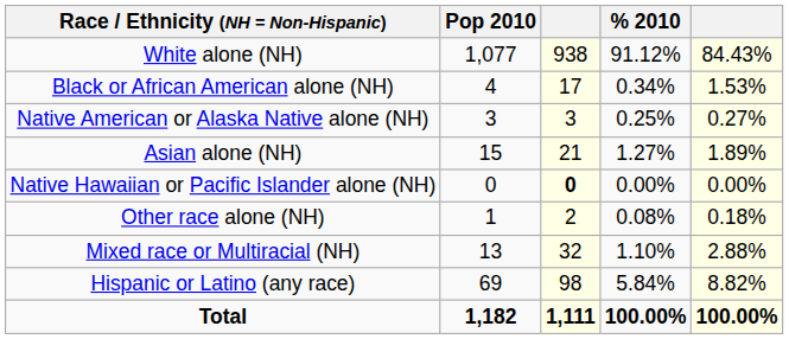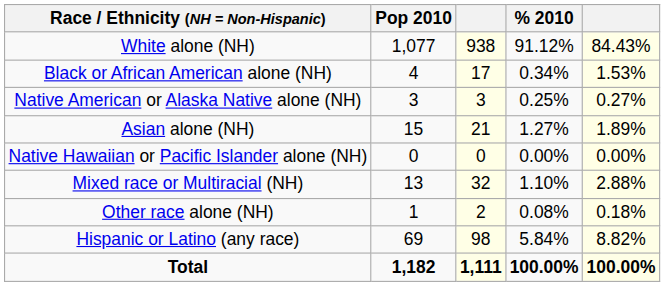 <table class="wikitable" style="text-align:center;">
 <tr>
 <th>Race / Ethnicity <small>(<em>NH = Non-Hispanic</em>)</small></th>
 <th>Pop 2010</th>
 <th></th>
 <th>% 2010</th>
 <th></th>
 </tr>
 <tr>
 <td><a href='#'>White</a> alone (NH)</td>
 <td>1,077</td>
 <td style='background: #ffffe6;'>938</td>
 <td>91.12%</td>
 <td style='background: #ffffe6;'>84.43%</td>
 </tr>
 <tr>
 <td><a href='#'>Black or African American</a> alone (NH)</td>
 <td>4</td>
 <td style='background: #ffffe6;'>17</td>
 <td>0.34%</td>
 <td style='background: #ffffe6;'>1.53%</td>
 </tr>
 <tr>
 <td><a href='#'>Native American</a> or <a href='#'>Alaska Native</a> alone (NH)</td>
 <td>3</td>
 <td style='background: #ffffe6;'>3</td>
 <td>0.25%</td>
 <td style='background: #ffffe6;'>0.27%</td>
 </tr>
 <tr>
 <td><a href='#'>Asian</a> alone (NH)</td>
 <td>15</td>
 <td style='background: #ffffe6;'>21</td>
 <td>1.27%</td>
 <td style='background: #ffffe6;'>1.89%</td>
 </tr>
 <tr>
 <td><a href='#'>Native Hawaiian</a> or <a href='#'>Pacific Islander</a> alone (NH)</td>
 <td>0</td>
-<td style='background: #ffffe6;'><strong>0</strong></td>
+<td style='background: #ffffe6;'>0</td>
 <td>0.00%</td>
 <td style='background: #ffffe6;'>0.00%</td>
+</tr>
+<tr>
+<td><a href='#'>Mixed race or Multiracial</a> (NH)</td>
+<td>13</td>
+<td style='background: #ffffe6;'>32</td>
+<td>1.10%</td>
+<td style='background: #ffffe6;'>2.88%</td>
 </tr>
 <tr>
 <td><a href='#'>Other race</a> alone (NH)</td>
 <td>1</td>
 <td style='background: #ffffe6;'>2</td>
 <td>0.08%</td>
 <td style='background: #ffffe6;'>0.18%</td>
-</tr>
-<tr>
-<td><a href='#'>Mixed race or Multiracial</a> (NH)</td>
-<td>13</td>
-<td style='background: #ffffe6;'>32</td>
-<td>1.10%</td>
-<td style='background: #ffffe6;'>2.88%</td>
 </tr>
 <tr>
 <td><a href='#'>Hispanic or Latino</a> (any race)</td>
 <td>69</td>
 <td style='background: #ffffe6;'>98</td>
 <td>5.84%</td>
 <td style='background: #ffffe6;'>8.82%</td>
 </tr>
 <tr>
 <td><strong>Total</strong></td>
 <td><strong>1,182</strong></td>
 <td style='background: #ffffe6;'><strong>1,111</strong></td>
 <td><strong>100.00%</strong></td>
 <td style='background: #ffffe6;'><strong>100.00%</strong></td>
 </tr>
 </table>
